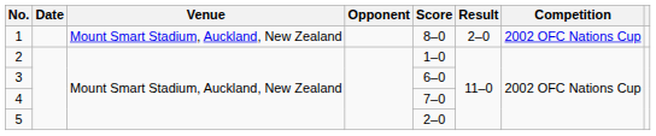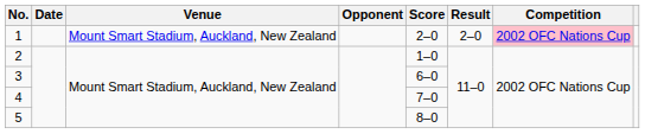 <table class="wikitable sortable">
 <tr>
 <th scope="col">No.</th>
 <th scope="col">Date</th>
 <th scope="col">Venue</th>
 <th scope="col">Opponent</th>
 <th scope="col">Score</th>
 <th scope="col">Result</th>
 <th scope="col">Competition</th>
 <th scope="col" class="unsortable"></th>
 </tr>
 <tr>
 <td style="text-align:center">1</td>
 <td></td>
 <td><a href='#'>Mount Smart Stadium</a>, <a href='#'>Auckland</a>, New Zealand</td>
 <td></td>
-<td style="text-align:center">8–0</td>
 <td style="text-align:center">2–0</td>
-<td><a href='#'>2002 OFC Nations Cup</a></td>
+<td style="text-align:center">2–0</td>
+<td style="background: pink;"><a href='#'>2002 OFC Nations Cup</a></td>
 <td></td>
 </tr>
 <tr>
 <td style="text-align:center">2</td>
 <td rowspan="4"></td>
 <td rowspan="4">Mount Smart Stadium, Auckland, New Zealand</td>
 <td rowspan="4"></td>
 <td style="text-align:center">1–0</td>
 <td rowspan="4" style="text-align:center">11–0</td>
 <td rowspan="4">2002 OFC Nations Cup</td>
 <td rowspan="4"></td>
 </tr>
 <tr>
 <td style="text-align:center">3</td>
 <td style="text-align:center">6–0</td>
 </tr>
 <tr>
 <td style="text-align:center">4</td>
 <td style="text-align:center">7–0</td>
 </tr>
 <tr>
 <td style="text-align:center">5</td>
-<td style="text-align:center">2–0</td>
+<td style="text-align:center">8–0</td>
 </tr>
 </table>
